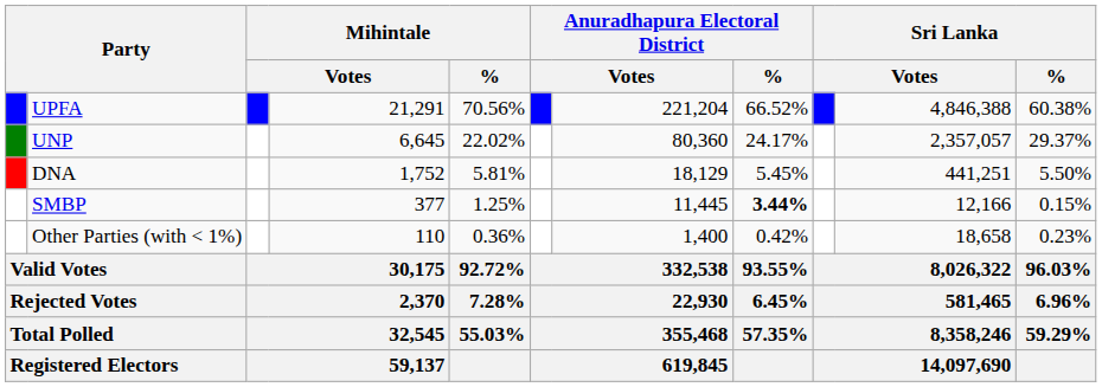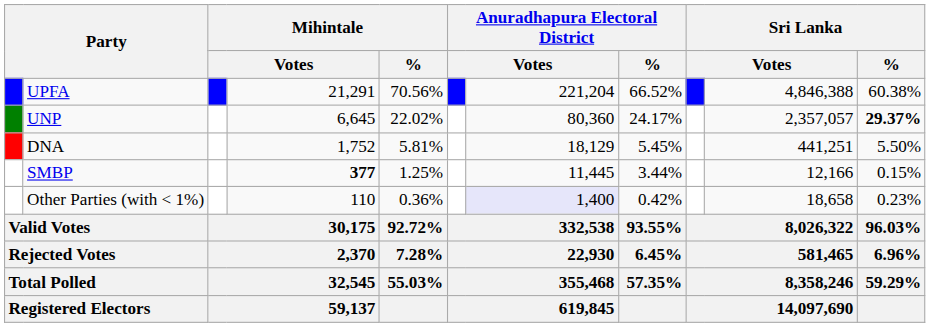 <table class="wikitable">
 <tr>
 <th colspan="2" width="144px"rowspan="2">Party</th>
 <th colspan="3" width="216px">Mihintale</th>
 <th colspan="3" width="216px"><a href='#'>Anuradhapura Electoral District</a></th>
 <th colspan="3" width="216px">Sri Lanka</th>
 </tr>
 <tr>
 <th colspan="2" width="144px">Votes</th>
 <th>%</th>
 <th colspan="2" width="144px">Votes</th>
 <th>%</th>
 <th colspan="2" width="144px">Votes</th>
 <th>%</th>
 </tr>
 <tr>
 <td style="background-color:blue;" width="10px"></td>
 <td style="text-align:left;"><a href='#'>UPFA</a></td>
 <td style="background-color:blue;" width="10px"></td>
 <td style="text-align:right;">21,291</td>
 <td style="text-align:right;">70.56%</td>
 <td style="background-color:blue;" width="10px"></td>
 <td style="text-align:right;">221,204</td>
 <td style="text-align:right;">66.52%</td>
 <td style="background-color:blue;" width="10px"></td>
 <td style="text-align:right;">4,846,388</td>
 <td style="text-align:right;">60.38%</td>
 </tr>
 <tr>
 <td style="background-color:green;" width="10px"></td>
 <td style="text-align:left;"><a href='#'>UNP</a></td>
 <td style="background-color:white;" width="10px"></td>
 <td style="text-align:right;">6,645</td>
 <td style="text-align:right;">22.02%</td>
 <td style="background-color:white;" width="10px"></td>
 <td style="text-align:right;">80,360</td>
 <td style="text-align:right;">24.17%</td>
 <td style="background-color:white;" width="10px"></td>
 <td style="text-align:right;">2,357,057</td>
-<td style="text-align:right;">29.37%</td>
+<td style="text-align:right;"><strong>29.37%</strong></td>
 </tr>
 <tr>
 <td style="background-color:red;" width="10px"></td>
 <td style="text-align:left;">DNA</td>
 <td style="background-color:white;" width="10px"></td>
 <td style="text-align:right;">1,752</td>
 <td style="text-align:right;">5.81%</td>
 <td style="background-color:white;" width="10px"></td>
 <td style="text-align:right;">18,129</td>
 <td style="text-align:right;">5.45%</td>
 <td style="background-color:white;" width="10px"></td>
 <td style="text-align:right;">441,251</td>
 <td style="text-align:right;">5.50%</td>
 </tr>
 <tr>
 <td style="background-color:white;" width="10px"></td>
 <td style="text-align:left;"><a href='#'>SMBP</a></td>
 <td style="background-color:white;" width="10px"></td>
-<td style="text-align:right;">377</td>
+<td style="text-align:right;"><strong>377</strong></td>
 <td style="text-align:right;">1.25%</td>
 <td style="background-color:white;" width="10px"></td>
 <td style="text-align:right;">11,445</td>
-<td style="text-align:right;"><strong>3.44%</strong></td>
+<td style="text-align:right;">3.44%</td>
 <td style="background-color:white;" width="10px"></td>
 <td style="text-align:right;">12,166</td>
 <td style="text-align:right;">0.15%</td>
 </tr>
 <tr>
 <td style="background-color:white;" width="10px"></td>
 <td style="text-align:left;">Other Parties (with < 1%)</td>
 <td style="background-color:white;" width="10px"></td>
 <td style="text-align:right;">110</td>
 <td style="text-align:right;">0.36%</td>
 <td style="background-color:white;" width="10px"></td>
-<td style="text-align:right;">1,400</td>
+<td style="background: lavender; text-align:right;">1,400</td>
 <td style="text-align:right;">0.42%</td>
 <td style="background-color:white;" width="10px"></td>
 <td style="text-align:right;">18,658</td>
 <td style="text-align:right;">0.23%</td>
 </tr>
 <tr>
 <th colspan="2" width="144px"style="text-align:left;">Valid Votes</th>
 <th style="text-align:right;"colspan="2" width="144px">30,175</th>
 <th style="text-align:right;">92.72%</th>
 <th style="text-align:right;"colspan="2" width="144px">332,538</th>
 <th style="text-align:right;">93.55%</th>
 <th style="text-align:right;"colspan="2" width="144px">8,026,322</th>
 <th style="text-align:right;">96.03%</th>
 </tr>
 <tr>
 <th colspan="2" width="144px"style="text-align:left;">Rejected Votes</th>
 <th style="text-align:right;"colspan="2" width="144px">2,370</th>
 <th style="text-align:right;">7.28%</th>
 <th style="text-align:right;"colspan="2" width="144px">22,930</th>
 <th style="text-align:right;">6.45%</th>
 <th style="text-align:right;"colspan="2" width="144px">581,465</th>
 <th style="text-align:right;">6.96%</th>
 </tr>
 <tr>
 <th colspan="2" width="144px"style="text-align:left;">Total Polled</th>
 <th style="text-align:right;"colspan="2" width="144px">32,545</th>
 <th style="text-align:right;">55.03%</th>
 <th style="text-align:right;"colspan="2" width="144px">355,468</th>
 <th style="text-align:right;">57.35%</th>
 <th style="text-align:right;"colspan="2" width="144px">8,358,246</th>
 <th style="text-align:right;">59.29%</th>
 </tr>
 <tr>
 <th colspan="2" width="144px"style="text-align:left;">Registered Electors</th>
 <th style="text-align:right;"colspan="2" width="144px">59,137</th>
 <th></th>
 <th style="text-align:right;"colspan="2" width="144px">619,845</th>
 <th></th>
 <th style="text-align:right;"colspan="2" width="144px">14,097,690</th>
 <th></th>
 </tr>
 </table>
